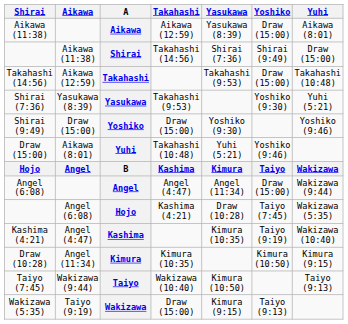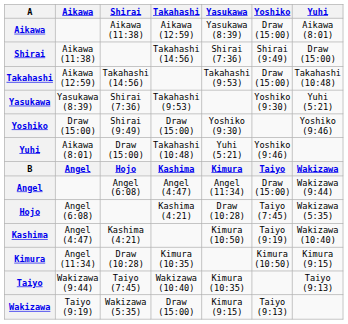 <table class="wikitable" style="text-align:center; margin: 1em auto 1em auto;" width="25%">
 <tr>
+<th>A</th>
+<th><a href='#'>Aikawa</a></th>
 <th><a href='#'>Shirai</a></th>
-<th><a href='#'>Aikawa</a></th>
-<th>A</th>
 <th><a href='#'>Takahashi</a></th>
 <th><a href='#'>Yasukawa</a></th>
 <th><a href='#'>Yoshiko</a></th>
 <th><a href='#'>Yuhi</a></th>
 </tr>
 <tr>
+<th><a href='#'>Aikawa</a></th>
+<td></td>
 <td>Aikawa<br>(11:38)</td>
-<td></td>
-<th><a href='#'>Aikawa</a></th>
 <td>Aikawa<br>(12:59)</td>
 <td>Yasukawa<br>(8:39)</td>
 <td>Draw<br>(15:00)</td>
 <td>Aikawa<br>(8:01)</td>
 </tr>
 <tr>
+<th><a href='#'>Shirai</a></th>
+<td>Aikawa<br>(11:38)</td>
 <td></td>
-<td>Aikawa<br>(11:38)</td>
-<th><a href='#'>Shirai</a></th>
 <td>Takahashi<br>(14:56)</td>
 <td>Shirai<br>(7:36)</td>
 <td>Shirai<br>(9:49)</td>
 <td>Draw<br>(15:00)</td>
 </tr>
 <tr>
+<th><a href='#'>Takahashi</a></th>
+<td>Aikawa<br>(12:59)</td>
 <td>Takahashi<br>(14:56)</td>
-<td>Aikawa<br>(12:59)</td>
-<th><a href='#'>Takahashi</a></th>
 <td></td>
 <td>Takahashi<br>(9:53)</td>
 <td>Draw<br>(15:00)</td>
 <td>Takahashi<br>(10:48)</td>
 </tr>
 <tr>
+<th><a href='#'>Yasukawa</a></th>
+<td>Yasukawa<br>(8:39)</td>
 <td>Shirai<br>(7:36)</td>
-<td>Yasukawa<br>(8:39)</td>
-<th><a href='#'>Yasukawa</a></th>
 <td>Takahashi<br>(9:53)</td>
 <td></td>
 <td>Yoshiko<br>(9:30)</td>
 <td>Yuhi<br>(5:21)</td>
 </tr>
 <tr>
+<th><a href='#'>Yoshiko</a></th>
+<td>Draw<br>(15:00)</td>
 <td>Shirai<br>(9:49)</td>
-<td>Draw<br>(15:00)</td>
-<th><a href='#'>Yoshiko</a></th>
 <td>Draw<br>(15:00)</td>
 <td>Yoshiko<br>(9:30)</td>
 <td></td>
 <td>Yoshiko<br>(9:46)</td>
 </tr>
 <tr>
+<th><a href='#'>Yuhi</a></th>
+<td>Aikawa<br>(8:01)</td>
 <td>Draw<br>(15:00)</td>
-<td>Aikawa<br>(8:01)</td>
-<th><a href='#'>Yuhi</a></th>
 <td>Takahashi<br>(10:48)</td>
 <td>Yuhi<br>(5:21)</td>
 <td>Yoshiko<br>(9:46)</td>
 <td></td>
 </tr>
 <tr>
+<th>B</th>
+<th><a href='#'>Angel</a></th>
 <th><a href='#'>Hojo</a></th>
-<th><a href='#'>Angel</a></th>
-<th>B</th>
 <th><a href='#'>Kashima</a></th>
 <th><a href='#'>Kimura</a></th>
 <th><a href='#'>Taiyo</a></th>
 <th><a href='#'>Wakizawa</a></th>
 </tr>
 <tr>
+<th><a href='#'>Angel</a></th>
+<td></td>
 <td>Angel<br>(6:08)</td>
-<td></td>
-<th><a href='#'>Angel</a></th>
 <td>Angel<br>(4:47)</td>
 <td>Angel<br>(11:34)</td>
 <td>Draw<br>(15:00)</td>
 <td>Wakizawa<br>(9:44)</td>
 </tr>
 <tr>
+<th><a href='#'>Hojo</a></th>
+<td>Angel<br>(6:08)</td>
 <td></td>
-<td>Angel<br>(6:08)</td>
-<th><a href='#'>Hojo</a></th>
 <td>Kashima<br>(4:21)</td>
 <td>Draw<br>(10:28)</td>
 <td>Taiyo<br>(7:45)</td>
 <td>Wakizawa<br>(5:35)</td>
 </tr>
 <tr>
+<th><a href='#'>Kashima</a></th>
+<td>Angel<br>(4:47)</td>
 <td>Kashima<br>(4:21)</td>
-<td>Angel<br>(4:47)</td>
-<th><a href='#'>Kashima</a></th>
 <td></td>
-<td>Kimura<br>(10:35)</td>
+<td>Kimura<br>(10:50)</td>
 <td>Taiyo<br>(9:19)</td>
 <td>Wakizawa<br>(10:40)</td>
 </tr>
 <tr>
+<th><a href='#'>Kimura</a></th>
+<td>Angel<br>(11:34)</td>
 <td>Draw<br>(10:28)</td>
-<td>Angel<br>(11:34)</td>
-<th><a href='#'>Kimura</a></th>
 <td>Kimura<br>(10:35)</td>
 <td></td>
 <td>Kimura<br>(10:50)</td>
 <td>Kimura<br>(9:15)</td>
 </tr>
 <tr>
+<th><a href='#'>Taiyo</a></th>
+<td>Wakizawa<br>(9:44)</td>
 <td>Taiyo<br>(7:45)</td>
-<td>Wakizawa<br>(9:44)</td>
-<th><a href='#'>Taiyo</a></th>
 <td>Wakizawa<br>(10:40)</td>
-<td>Kimura<br>(10:50)</td>
+<td>Kimura<br>(10:35)</td>
 <td></td>
 <td>Taiyo<br>(9:13)</td>
 </tr>
 <tr>
+<th><a href='#'>Wakizawa</a></th>
+<td>Taiyo<br>(9:19)</td>
 <td>Wakizawa<br>(5:35)</td>
-<td>Taiyo<br>(9:19)</td>
-<th><a href='#'>Wakizawa</a></th>
 <td>Draw<br>(15:00)</td>
 <td>Kimura<br>(9:15)</td>
 <td>Taiyo<br>(9:13)</td>
 <td></td>
 </tr>
 </table>
